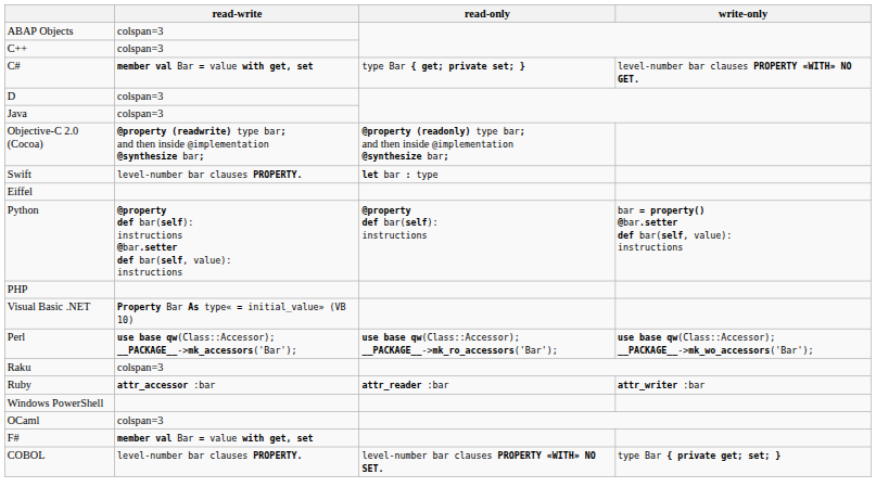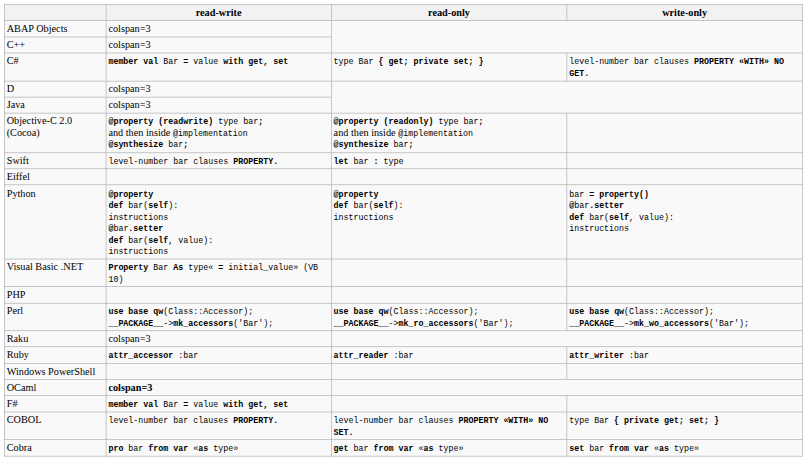 <table class="wikitable">
 <tr valign="top">
 <th></th>
 <th>read-write</th>
 <th>read-only</th>
 <th>write-only</th>
 </tr>
 <tr valign="top">
 <td>ABAP Objects</td>
 <td>colspan=3 </td>
 </tr>
 <tr valign="top">
 <td>C++</td>
 <td>colspan=3 </td>
 </tr>
 <tr valign="top">
 <td>C#</td>
 <td><code><strong>member val</strong> Bar <strong>=</strong> value <strong>with get, set</strong></code></td>
 <td><code>type Bar <strong>{  get; private set; }</strong></code></td>
 <td><code>level-number bar clauses <strong>PROPERTY «WITH» NO GET.</strong></code></td>
 </tr>
 <tr valign="top">
 <td>D</td>
 <td>colspan=3 </td>
 </tr>
 <tr valign="top">
 <td>Java</td>
 <td>colspan=3 </td>
 </tr>
 <tr valign="top">
 <td>Objective-C 2.0 (Cocoa)</td>
 <td><code><strong>@property (readwrite)</strong> type bar<strong>;</strong> <br> </code>and then inside <code>@implementation <br> <strong>@synthesize</strong> bar<strong>;</strong></code></td>
 <td><code><strong>@property (readonly)</strong> type bar<strong>;</strong> <br> </code>and then inside <code>@implementation <br> <strong>@synthesize</strong> bar<strong>;</strong></code></td>
 <td></td>
 </tr>
 <tr valign="top">
 <td>Swift</td>
 <td><code>level-number bar clauses <strong>PROPERTY.</strong></code></td>
 <td><code><strong>let</strong> bar <strong>:</strong> type</code></td>
 <td></td>
 </tr>
 <tr valign="top">
 <td>Eiffel</td>
 <td></td>
 <td></td>
 <td></td>
 </tr>
 <tr valign="top">
 <td>Python</td>
 <td><code><strong>@property</strong><br><strong>def</strong> bar(<strong>self</strong>):<br>instructions<br><strong>@</strong>bar<strong>.setter</strong><br><strong>def</strong> bar(<strong>self</strong>, value):<br>instructions</code></td>
 <td><code><strong>@property</strong><br><strong>def</strong> bar(<strong>self</strong>):<br>instructions</code></td>
 <td><code>bar <strong>= property()</strong><br><strong>@</strong>bar<strong>.setter</strong><br><strong>def</strong> bar(<strong>self</strong>, value):<br>instructions</code></td>
 </tr>
 <tr valign="top">
-<td>PHP</td>
-<td></td>
+<td>Visual Basic .NET</td>
+<td><code><strong>Property</strong> Bar <strong>As</strong> type« <strong>=</strong> initial_value» (VB 10)</code></td>
 <td></td>
 <td></td>
 </tr>
 <tr valign="top">
-<td>Visual Basic .NET</td>
-<td><code><strong>Property</strong> Bar <strong>As</strong> type« <strong>=</strong> initial_value» (VB 10)</code></td>
+<td>PHP</td>
+<td></td>
 <td></td>
 <td></td>
 </tr>
 <tr valign="top">
 <td>Perl</td>
 <td><code><strong>use</strong> <strong>base</strong> <strong>qw</strong>(Class::Accessor);<br><strong>__PACKAGE__</strong>-><strong>mk_accessors</strong>('Bar');</code></td>
 <td><code><strong>use</strong> <strong>base</strong> <strong>qw</strong>(Class::Accessor);<br><strong>__PACKAGE__</strong>-><strong>mk_ro_accessors</strong>('Bar');</code></td>
 <td><code><strong>use</strong> <strong>base</strong> <strong>qw</strong>(Class::Accessor);<br><strong>__PACKAGE__</strong>-><strong>mk_wo_accessors</strong>('Bar');</code></td>
 </tr>
 <tr valign="top">
 <td>Raku</td>
 <td>colspan=3 </td>
 </tr>
 <tr valign="top">
 <td>Ruby</td>
 <td><code><strong>attr_accessor</strong> :bar</code></td>
 <td><code><strong>attr_reader</strong> :bar</code></td>
 <td><code><strong>attr_writer</strong> :bar</code></td>
 </tr>
 <tr valign="top">
 <td>Windows PowerShell</td>
 <td></td>
 <td></td>
 <td></td>
 </tr>
 <tr valign="top">
 <td>OCaml</td>
-<td>colspan=3 </td>
+<td><strong>colspan=3 </strong></td>
 </tr>
 <tr valign="top">
 <td>F#</td>
 <td><code><strong>member val</strong> Bar <strong>=</strong> value <strong>with get, set</strong></code></td>
 <td></td>
 <td></td>
 </tr>
 <tr valign="top">
 <td>COBOL</td>
 <td><code>level-number bar clauses <strong>PROPERTY.</strong></code></td>
 <td><code>level-number bar clauses <strong>PROPERTY «WITH» NO SET.</strong></code></td>
 <td><code>type Bar <strong>{  private get; set; }</strong></code></td>
 </tr>
+<tr>
+<td>Cobra</td>
+<td><code><strong>pro</strong> bar <strong>from var</strong> «<strong>as</strong> type»</code></td>
+<td><code><strong>get</strong> bar <strong>from var</strong> «<strong>as</strong> type»</code></td>
+<td><code><strong>set</strong> bar <strong>from var</strong> «<strong>as</strong> type»</code></td>
+</tr>
 </table>
